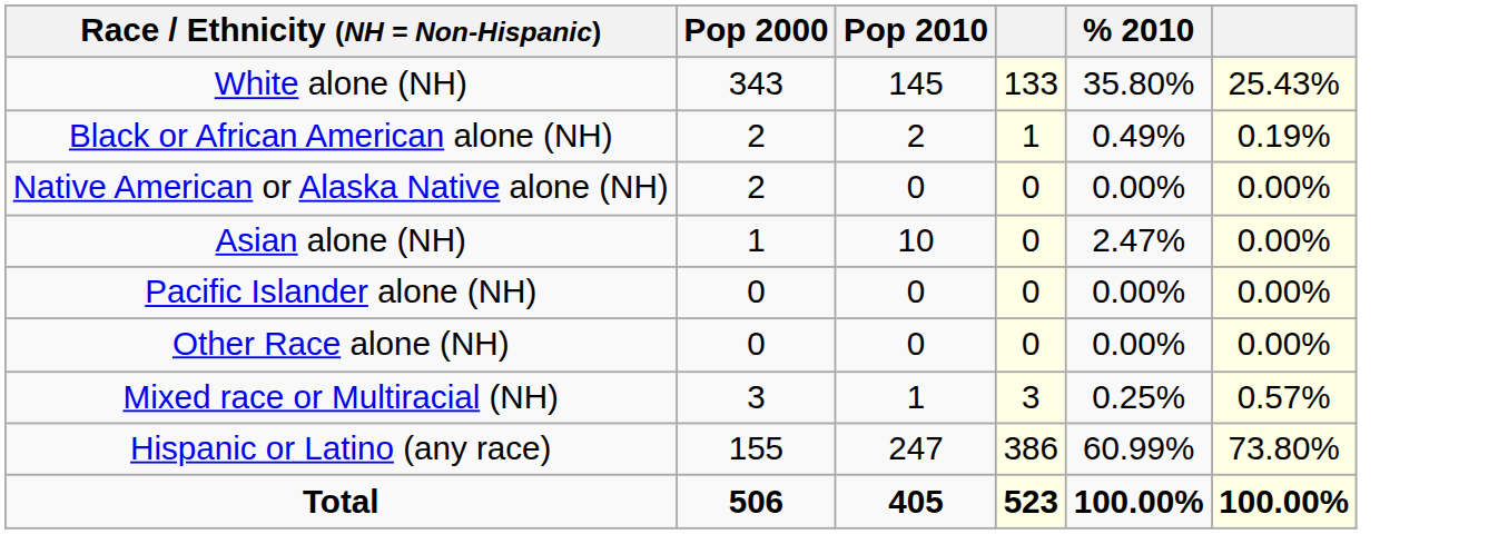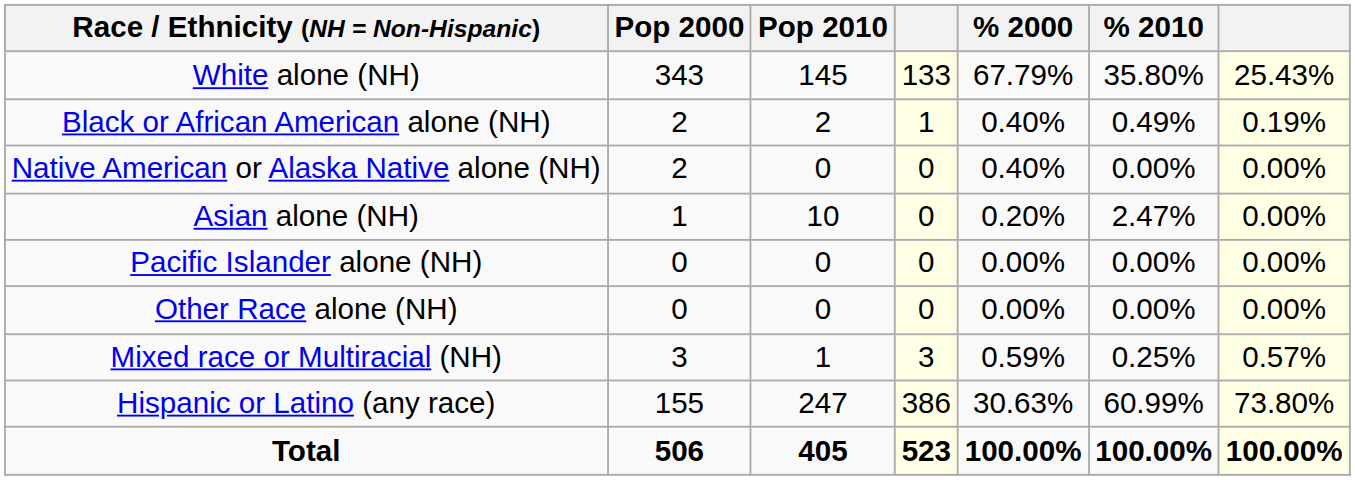 <table class="wikitable" style="text-align:center;">
 <tr>
 <th>Race / Ethnicity <small>(<em>NH = Non-Hispanic</em>)</small></th>
 <th>Pop 2000</th>
 <th>Pop 2010</th>
 <th></th>
+<th>% 2000</th>
 <th>% 2010</th>
 <th></th>
 </tr>
 <tr>
 <td><a href='#'>White</a> alone (NH)</td>
 <td>343</td>
 <td>145</td>
 <td style='background: #ffffe6;'>133</td>
+<td>67.79%</td>
 <td>35.80%</td>
 <td style='background: #ffffe6;'>25.43%</td>
 </tr>
 <tr>
 <td><a href='#'>Black or African American</a> alone (NH)</td>
 <td>2</td>
 <td>2</td>
 <td style='background: #ffffe6;'>1</td>
+<td>0.40%</td>
 <td>0.49%</td>
 <td style='background: #ffffe6;'>0.19%</td>
 </tr>
 <tr>
 <td><a href='#'>Native American</a> or <a href='#'>Alaska Native</a> alone (NH)</td>
 <td>2</td>
 <td>0</td>
 <td style='background: #ffffe6;'>0</td>
+<td>0.40%</td>
 <td>0.00%</td>
 <td style='background: #ffffe6;'>0.00%</td>
 </tr>
 <tr>
 <td><a href='#'>Asian</a> alone (NH)</td>
 <td>1</td>
 <td>10</td>
 <td style='background: #ffffe6;'>0</td>
+<td>0.20%</td>
 <td>2.47%</td>
 <td style='background: #ffffe6;'>0.00%</td>
 </tr>
 <tr>
 <td><a href='#'>Pacific Islander</a> alone (NH)</td>
 <td>0</td>
 <td>0</td>
 <td style='background: #ffffe6;'>0</td>
 <td>0.00%</td>
+<td>0.00%</td>
 <td style='background: #ffffe6;'>0.00%</td>
 </tr>
 <tr>
 <td><a href='#'>Other Race</a> alone (NH)</td>
 <td>0</td>
 <td>0</td>
 <td style='background: #ffffe6;'>0</td>
 <td>0.00%</td>
+<td>0.00%</td>
 <td style='background: #ffffe6;'>0.00%</td>
 </tr>
 <tr>
 <td><a href='#'>Mixed race or Multiracial</a> (NH)</td>
 <td>3</td>
 <td>1</td>
 <td style='background: #ffffe6;'>3</td>
+<td>0.59%</td>
 <td>0.25%</td>
 <td style='background: #ffffe6;'>0.57%</td>
 </tr>
 <tr>
 <td><a href='#'>Hispanic or Latino</a> (any race)</td>
 <td>155</td>
 <td>247</td>
 <td style='background: #ffffe6;'>386</td>
+<td>30.63%</td>
 <td>60.99%</td>
 <td style='background: #ffffe6;'>73.80%</td>
 </tr>
 <tr>
 <td><strong>Total</strong></td>
 <td><strong>506</strong></td>
 <td><strong>405</strong></td>
 <td style='background: #ffffe6;'><strong>523</strong></td>
 <td><strong>100.00%</strong></td>
+<td><strong>100.00%</strong></td>
 <td style='background: #ffffe6;'><strong>100.00%</strong></td>
 </tr>
 </table>
